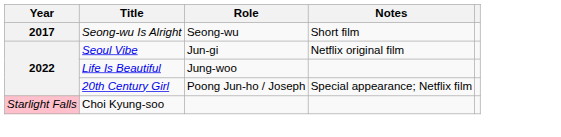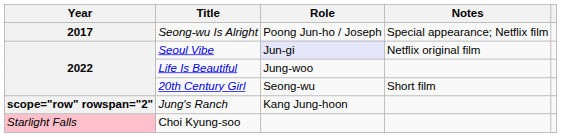 <table class="wikitable plainrowheaders sortable">
 <tr>
 <th scope="col">Year</th>
 <th scope="col">Title</th>
 <th scope="col">Role</th>
 <th scope="col">Notes</th>
 <th scope="col" class="unsortable"></th>
 </tr>
 <tr>
 <th scope="row">2017</th>
 <td><em>Seong-wu Is Alright</em></td>
-<td>Seong-wu</td>
-<td>Short film</td>
+<td>Poong Jun-ho / Joseph</td>
+<td>Special appearance; Netflix film</td>
 <td style="text-align:center"></td>
 </tr>
 <tr>
 <th scope="row" rowspan="3">2022</th>
 <td><em><a href='#'>Seoul Vibe</a></em></td>
-<td>Jun-gi</td>
+<td style="background: lavender;">Jun-gi</td>
 <td>Netflix original film</td>
 <td style="text-align:center"></td>
 </tr>
 <tr>
 <td><em><a href='#'>Life Is Beautiful</a></em></td>
 <td>Jung-woo</td>
 <td></td>
 <td style="text-align:center"></td>
 </tr>
 <tr>
 <td><em><a href='#'>20th Century Girl</a></em></td>
-<td>Poong Jun-ho / Joseph</td>
-<td>Special appearance; Netflix film</td>
+<td>Seong-wu</td>
+<td>Short film</td>
+<td style="text-align:center"></td>
+</tr>
+<tr>
+<th>scope="row" rowspan="2" </th>
+<td><em>Jung's Ranch</em></td>
+<td>Kang Jung-hoon</td>
+<td></td>
 <td style="text-align:center"></td>
 </tr>
 <tr>
 <td style="background: pink;"><em>Starlight Falls</em></td>
 <td>Choi Kyung-soo</td>
 <td></td>
 <td style="text-align:center"></td>
 </tr>
 </table>
